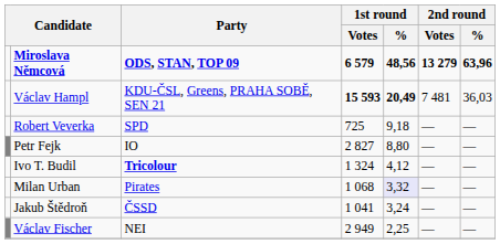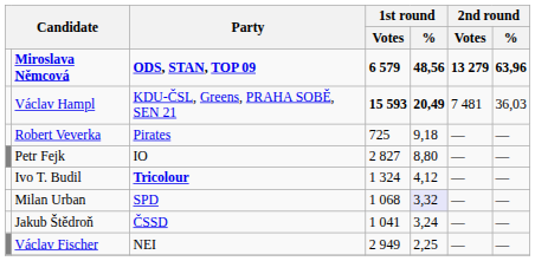 <table class="wikitable sortable">
 <tr>
 <th colspan="2" rowspan="2">Candidate</th>
 <th rowspan="2">Party</th>
 <th colspan="2">1st round</th>
 <th colspan="2">2nd round</th>
 </tr>
 <tr>
 <th>Votes</th>
 <th>%</th>
 <th>Votes</th>
 <th>%</th>
 </tr>
 <tr>
 <td style="background-color:"></td>
 <td><strong><a href='#'>Miroslava Němcová</a></strong></td>
 <td><strong><a href='#'>ODS</a>, <a href='#'>STAN</a>, <a href='#'>TOP 09</a></strong></td>
 <td><strong>6 579</strong></td>
 <td><strong>48,56</strong></td>
 <td><strong>13 279</strong></td>
 <td><strong>63,96</strong></td>
 </tr>
 <tr>
 <td style="background-color:"></td>
 <td><a href='#'>Václav Hampl</a></td>
 <td><a href='#'>KDU-ČSL</a>, <a href='#'>Greens</a>, <a href='#'>PRAHA SOBĚ</a>, <a href='#'>SEN 21</a></td>
 <td><strong>15 593</strong></td>
 <td><strong>20,49</strong></td>
 <td>7 481</td>
 <td>36,03</td>
 </tr>
 <tr>
 <td style="background-color:"></td>
 <td><a href='#'>Robert Veverka</a></td>
-<td><a href='#'>SPD</a></td>
+<td><a href='#'>Pirates</a></td>
 <td>725</td>
 <td>9,18</td>
 <td>—</td>
 <td>—</td>
 </tr>
 <tr>
 <td style="background-color:grey;"></td>
 <td>Petr Fejk</td>
 <td>IO</td>
 <td>2 827</td>
 <td>8,80</td>
 <td>—</td>
 <td>—</td>
 </tr>
 <tr>
 <td style="background-color:"></td>
 <td>Ivo T. Budil</td>
 <td><strong><a href='#'>Tricolour</a></strong></td>
 <td>1 324</td>
 <td>4,12</td>
 <td>—</td>
 <td>—</td>
 </tr>
 <tr>
 <td style="background-color:"></td>
 <td>Milan Urban</td>
-<td><a href='#'>Pirates</a></td>
+<td><a href='#'>SPD</a></td>
 <td>1 068</td>
 <td style="background: lavender;">3,32</td>
 <td>—</td>
 <td>—</td>
 </tr>
 <tr>
 <td style="background-color:"></td>
 <td>Jakub Štědroň</td>
 <td><a href='#'>ČSSD</a></td>
 <td>1 041</td>
 <td>3,24</td>
 <td>—</td>
 <td>—</td>
 </tr>
 <tr>
 <td style="background-color:grey;"></td>
 <td><a href='#'>Václav Fischer</a></td>
 <td>NEI</td>
 <td>2 949</td>
 <td>2,25</td>
 <td>—</td>
 <td>—</td>
 </tr>
 <tr>
 </tr>
 </table>
